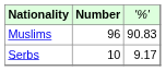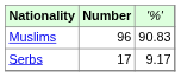 <table border = 1 cellpadding = 4 cellspacing = 0 class = "toccolours" style = "align: left; margin: 0.5em 0 0 0; border-style: solid; border: 1px solid # 999; border-right-width: 2px; border-bottom-width: 2px; border-collapse: collapse; font-size: 100%; ">
 <tr>
 <td style = "background: #ddffdd;"><strong>Nationality</strong></td>
 <td colspan = 1 style = "background: #ddffdd;" align = "center"><strong>Number</strong></td>
 <td colspan = 1 style = "background: #ddffdd;" align = "center"><em> '%' </em></td>
 </tr>
 <tr>
 <td style = "background: # f3fff3;"><a href='#'>Muslims</a></td>
 <td align = "right">96</td>
 <td align = "right">90.83</td>
 </tr>
 <tr>
 <td style = "background: # f3fff3;"><a href='#'>Serbs</a></td>
-<td align = "right">10</td>
+<td align = "right">17</td>
 <td align = "right">9.17</td>
 </tr>
 </table>
